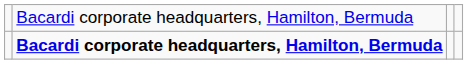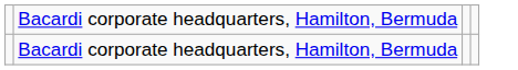 <table class="wikitable sortable">
 <tr>
 <td></td>
 <td><a href='#'>Bacardi</a> corporate headquarters, <a href='#'>Hamilton, Bermuda</a></td>
 <td></td>
 <td></td>
 </tr>
 <tr>
 <td></td>
-<td><strong><a href='#'>Bacardi</a> corporate headquarters, <a href='#'>Hamilton, Bermuda</a></strong></td>
+<td><a href='#'>Bacardi</a> corporate headquarters, <a href='#'>Hamilton, Bermuda</a></td>
 <td></td>
 <td></td>
 </tr>
 </table>
